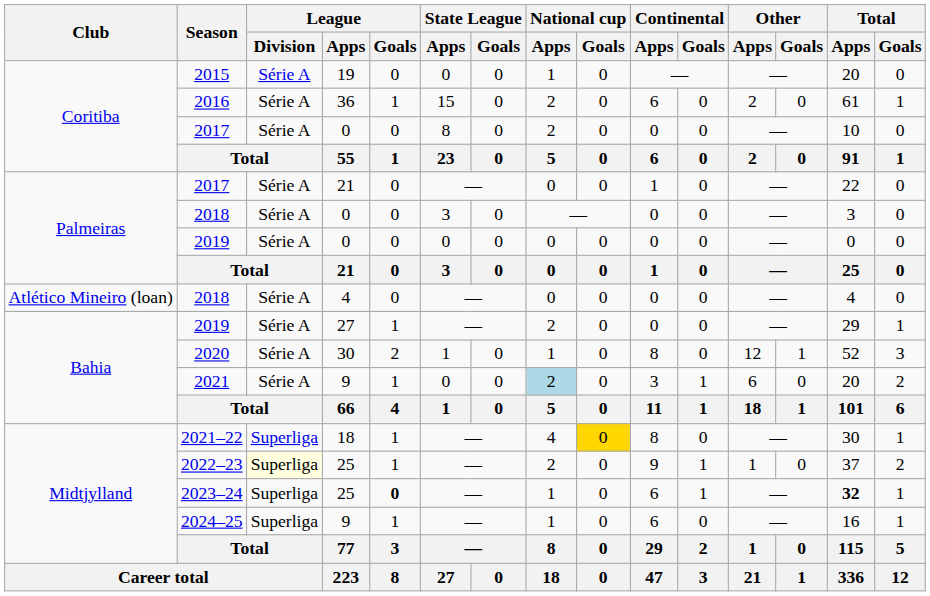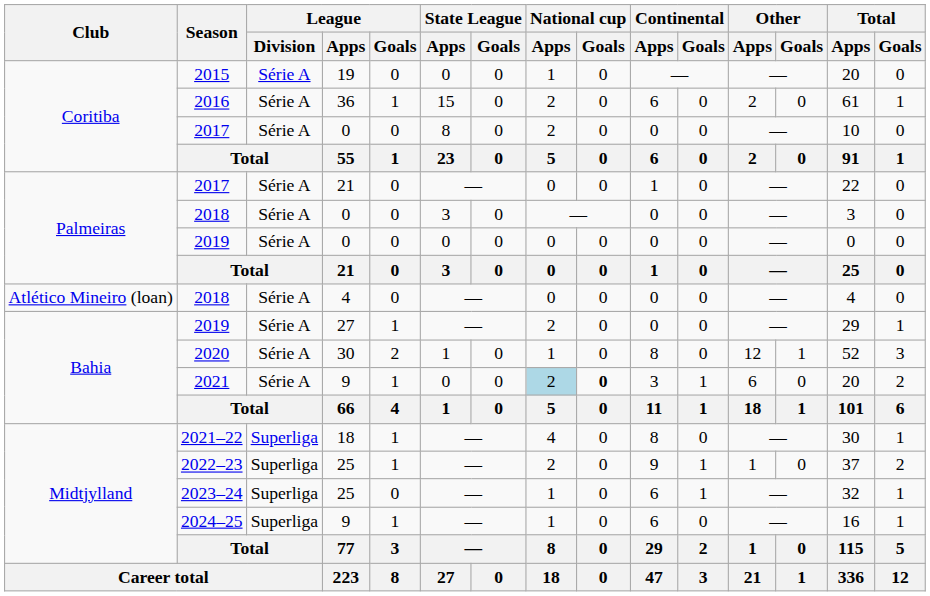 <table class="wikitable" style="text-align:center">
 <tr>
 <th rowspan="2">Club</th>
 <th rowspan="2">Season</th>
 <th colspan="3">League</th>
 <th colspan="2">State League</th>
 <th colspan="2">National cup</th>
 <th colspan="2">Continental</th>
 <th colspan="2">Other</th>
 <th colspan="2">Total</th>
 </tr>
 <tr>
 <th>Division</th>
 <th>Apps</th>
 <th>Goals</th>
 <th>Apps</th>
 <th>Goals</th>
 <th>Apps</th>
 <th>Goals</th>
 <th>Apps</th>
 <th>Goals</th>
 <th>Apps</th>
 <th>Goals</th>
 <th>Apps</th>
 <th>Goals</th>
 </tr>
 <tr>
 <td rowspan="4"><a href='#'>Coritiba</a></td>
 <td><a href='#'>2015</a></td>
 <td><a href='#'>Série A</a></td>
 <td>19</td>
 <td>0</td>
 <td>0</td>
 <td>0</td>
 <td>1</td>
 <td>0</td>
 <td colspan="2">—</td>
 <td colspan="2">—</td>
 <td>20</td>
 <td>0</td>
 </tr>
 <tr>
 <td><a href='#'>2016</a></td>
 <td>Série A</td>
 <td>36</td>
 <td>1</td>
 <td>15</td>
 <td>0</td>
 <td>2</td>
 <td>0</td>
 <td>6</td>
 <td>0</td>
 <td>2</td>
 <td>0</td>
 <td>61</td>
 <td>1</td>
 </tr>
 <tr>
 <td><a href='#'>2017</a></td>
 <td>Série A</td>
 <td>0</td>
 <td>0</td>
 <td>8</td>
 <td>0</td>
 <td>2</td>
 <td>0</td>
 <td>0</td>
 <td>0</td>
 <td colspan="2">—</td>
 <td>10</td>
 <td>0</td>
 </tr>
 <tr>
 <th colspan="2">Total</th>
 <th>55</th>
 <th>1</th>
 <th>23</th>
 <th>0</th>
 <th>5</th>
 <th>0</th>
 <th>6</th>
 <th>0</th>
 <th>2</th>
 <th>0</th>
 <th>91</th>
 <th>1</th>
 </tr>
 <tr>
 <td rowspan="4"><a href='#'>Palmeiras</a></td>
 <td><a href='#'>2017</a></td>
 <td>Série A</td>
 <td>21</td>
 <td>0</td>
 <td colspan="2">—</td>
 <td>0</td>
 <td>0</td>
 <td>1</td>
 <td>0</td>
 <td colspan="2">—</td>
 <td>22</td>
 <td>0</td>
 </tr>
 <tr>
 <td><a href='#'>2018</a></td>
 <td>Série A</td>
 <td>0</td>
 <td>0</td>
 <td>3</td>
 <td>0</td>
 <td colspan="2">—</td>
 <td>0</td>
 <td>0</td>
 <td colspan="2">—</td>
 <td>3</td>
 <td>0</td>
 </tr>
 <tr>
 <td><a href='#'>2019</a></td>
 <td>Série A</td>
 <td>0</td>
 <td>0</td>
 <td>0</td>
 <td>0</td>
 <td>0</td>
 <td>0</td>
 <td>0</td>
 <td>0</td>
 <td colspan="2">—</td>
 <td>0</td>
 <td>0</td>
 </tr>
 <tr>
 <th colspan="2">Total</th>
 <th>21</th>
 <th>0</th>
 <th>3</th>
 <th>0</th>
 <th>0</th>
 <th>0</th>
 <th>1</th>
 <th>0</th>
 <th colspan="2">—</th>
 <th>25</th>
 <th>0</th>
 </tr>
 <tr>
 <td><a href='#'>Atlético Mineiro</a> (loan)</td>
 <td><a href='#'>2018</a></td>
 <td>Série A</td>
 <td>4</td>
 <td>0</td>
 <td colspan="2">—</td>
 <td>0</td>
 <td>0</td>
 <td>0</td>
 <td>0</td>
 <td colspan="2">—</td>
 <td>4</td>
 <td>0</td>
 </tr>
 <tr>
 <td rowspan="4"><a href='#'>Bahia</a></td>
 <td><a href='#'>2019</a></td>
 <td>Série A</td>
 <td>27</td>
 <td>1</td>
 <td colspan="2">—</td>
 <td>2</td>
 <td>0</td>
 <td>0</td>
 <td>0</td>
 <td colspan="2">—</td>
 <td>29</td>
 <td>1</td>
 </tr>
 <tr>
 <td><a href='#'>2020</a></td>
 <td>Série A</td>
 <td>30</td>
 <td>2</td>
 <td>1</td>
 <td>0</td>
 <td>1</td>
 <td>0</td>
 <td>8</td>
 <td>0</td>
 <td>12</td>
 <td>1</td>
 <td>52</td>
 <td>3</td>
 </tr>
 <tr>
 <td><a href='#'>2021</a></td>
 <td>Série A</td>
 <td>9</td>
 <td>1</td>
 <td>0</td>
 <td>0</td>
 <td style="background: lightblue;">2</td>
-<td>0</td>
+<td><strong>0</strong></td>
 <td>3</td>
 <td>1</td>
 <td>6</td>
 <td>0</td>
 <td>20</td>
 <td>2</td>
 </tr>
 <tr>
 <th colspan="2">Total</th>
 <th>66</th>
 <th>4</th>
 <th>1</th>
 <th>0</th>
 <th>5</th>
 <th>0</th>
 <th>11</th>
 <th>1</th>
 <th>18</th>
 <th>1</th>
 <th>101</th>
 <th>6</th>
 </tr>
 <tr>
 <td rowspan="5"><a href='#'>Midtjylland</a></td>
 <td><a href='#'>2021–22</a></td>
 <td><a href='#'>Superliga</a></td>
 <td>18</td>
 <td>1</td>
 <td colspan="2">—</td>
 <td>4</td>
-<td style="background: gold;">0</td>
+<td>0</td>
 <td>8</td>
 <td>0</td>
 <td colspan="2">—</td>
 <td>30</td>
 <td>1</td>
 </tr>
 <tr>
 <td><a href='#'>2022–23</a></td>
-<td style="background: lightyellow;">Superliga</td>
+<td>Superliga</td>
 <td>25</td>
 <td>1</td>
 <td colspan="2">—</td>
 <td>2</td>
 <td>0</td>
 <td>9</td>
 <td>1</td>
 <td>1</td>
 <td>0</td>
 <td>37</td>
 <td>2</td>
 </tr>
 <tr>
 <td><a href='#'>2023–24</a></td>
 <td>Superliga</td>
 <td>25</td>
-<td><strong>0</strong></td>
+<td>0</td>
 <td colspan="2">—</td>
 <td>1</td>
 <td>0</td>
 <td>6</td>
 <td>1</td>
 <td colspan="2">—</td>
-<td><strong>32</strong></td>
+<td>32</td>
 <td>1</td>
 </tr>
 <tr>
 <td><a href='#'>2024–25</a></td>
 <td>Superliga</td>
 <td>9</td>
 <td>1</td>
 <td colspan="2">—</td>
 <td>1</td>
 <td>0</td>
 <td>6</td>
 <td>0</td>
 <td colspan="2">—</td>
 <td>16</td>
 <td>1</td>
 </tr>
 <tr>
 <th colspan="2">Total</th>
 <th>77</th>
 <th>3</th>
 <th colspan="2">—</th>
 <th>8</th>
 <th>0</th>
 <th>29</th>
 <th>2</th>
 <th>1</th>
 <th>0</th>
 <th>115</th>
 <th>5</th>
 </tr>
 <tr>
 <th colspan="3">Career total</th>
 <th>223</th>
 <th>8</th>
 <th>27</th>
 <th>0</th>
 <th>18</th>
 <th>0</th>
 <th>47</th>
 <th>3</th>
 <th>21</th>
 <th>1</th>
 <th>336</th>
 <th>12</th>
 </tr>
 </table>
